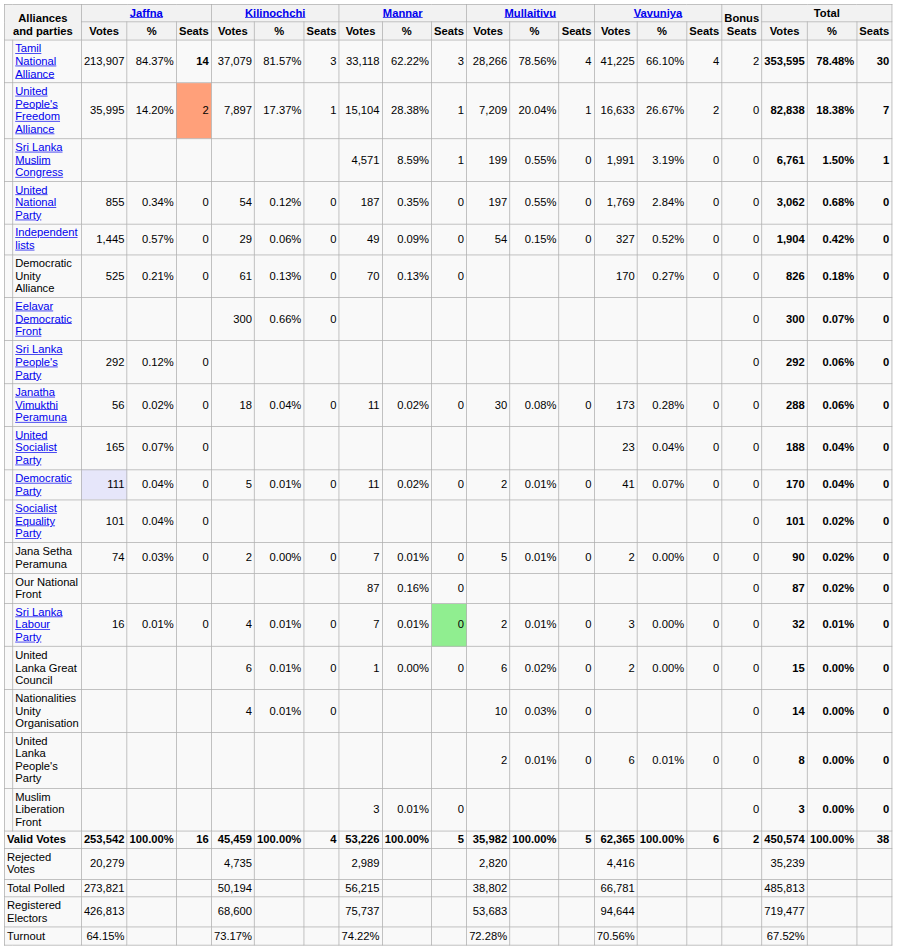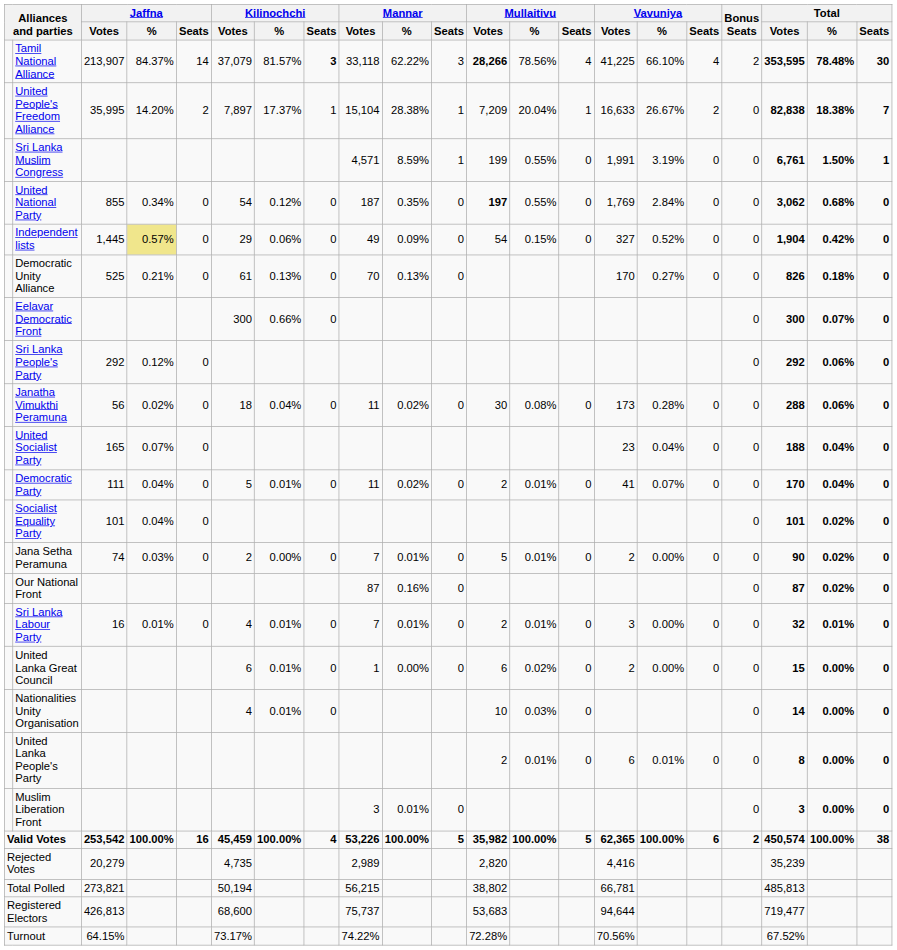 <table class="wikitable" style="text-align:right;">
 <tr>
 <th valign=bottom rowspan=2 colspan=2 width="200">Alliances and parties</th>
 <th colspan=3><a href='#'>Jaffna</a></th>
 <th colspan=3><a href='#'>Kilinochchi</a></th>
 <th colspan=3><a href='#'>Mannar</a></th>
 <th colspan=3><a href='#'>Mullaitivu</a></th>
 <th colspan=3><a href='#'>Vavuniya</a></th>
 <th valign=bottom rowspan=2 width="40">Bonus<br>Seats</th>
 <th colspan=3>Total</th>
 </tr>
 <tr>
 <th align=center valign=bottom width="50">Votes</th>
 <th align=center valign=bottom width="50">%</th>
 <th align=center valign=bottom width="40">Seats</th>
 <th align=center valign=bottom width="50">Votes</th>
 <th align=center valign=bottom width="50">%</th>
 <th align=center valign=bottom width="40">Seats</th>
 <th align=center valign=bottom width="50">Votes</th>
 <th align=center valign=bottom width="50">%</th>
 <th align=center valign=bottom width="40">Seats</th>
 <th align=center valign=bottom width="50">Votes</th>
 <th align=center valign=bottom width="50">%</th>
 <th align=center valign=bottom width="40">Seats</th>
 <th align=center valign=bottom width="50">Votes</th>
 <th align=center valign=bottom width="50">%</th>
 <th align=center valign=bottom width="40">Seats</th>
 <th align=center valign=bottom width="50">Votes</th>
 <th align=center valign=bottom width="50">%</th>
 <th align=center valign=bottom width="40">Seats</th>
 </tr>
 <tr>
 <td bgcolor=> </td>
 <td align=left><a href='#'>Tamil National Alliance</a></td>
 <td>213,907</td>
 <td>84.37%</td>
-<td><strong>14</strong></td>
+<td>14</td>
 <td>37,079</td>
 <td>81.57%</td>
-<td>3</td>
+<td><strong>3</strong></td>
 <td>33,118</td>
 <td>62.22%</td>
 <td>3</td>
-<td>28,266</td>
+<td><strong>28,266</strong></td>
 <td>78.56%</td>
 <td>4</td>
 <td>41,225</td>
 <td>66.10%</td>
 <td>4</td>
 <td>2</td>
 <td><strong>353,595</strong></td>
 <td><strong>78.48%</strong></td>
 <td><strong>30</strong></td>
 </tr>
 <tr>
 <td bgcolor=> </td>
 <td align=left><a href='#'>United People's Freedom Alliance</a></td>
 <td>35,995</td>
 <td>14.20%</td>
-<td style="background: lightsalmon;">2</td>
+<td>2</td>
 <td>7,897</td>
 <td>17.37%</td>
 <td>1</td>
 <td>15,104</td>
 <td>28.38%</td>
 <td>1</td>
 <td>7,209</td>
 <td>20.04%</td>
 <td>1</td>
 <td>16,633</td>
 <td>26.67%</td>
 <td>2</td>
 <td>0</td>
 <td><strong>82,838</strong></td>
 <td><strong>18.38%</strong></td>
 <td><strong>7</strong></td>
 </tr>
 <tr>
 <td bgcolor=> </td>
 <td align=left><a href='#'>Sri Lanka Muslim Congress</a></td>
 <td></td>
 <td></td>
 <td></td>
 <td></td>
 <td></td>
 <td></td>
 <td>4,571</td>
 <td>8.59%</td>
 <td>1</td>
 <td>199</td>
 <td>0.55%</td>
 <td>0</td>
 <td>1,991</td>
 <td>3.19%</td>
 <td>0</td>
 <td>0</td>
 <td><strong>6,761</strong></td>
 <td><strong>1.50%</strong></td>
 <td><strong>1</strong></td>
 </tr>
 <tr>
 <td bgcolor=> </td>
 <td align=left><a href='#'>United National Party</a></td>
 <td>855</td>
 <td>0.34%</td>
 <td>0</td>
 <td>54</td>
 <td>0.12%</td>
 <td>0</td>
 <td>187</td>
 <td>0.35%</td>
 <td>0</td>
-<td>197</td>
+<td><strong>197</strong></td>
 <td>0.55%</td>
 <td>0</td>
 <td>1,769</td>
 <td>2.84%</td>
 <td>0</td>
 <td>0</td>
 <td><strong>3,062</strong></td>
 <td><strong>0.68%</strong></td>
 <td><strong>0</strong></td>
 </tr>
 <tr>
 <td bgcolor=> </td>
 <td align=left><a href='#'>Independent lists</a></td>
 <td>1,445</td>
-<td>0.57%</td>
+<td style="background: khaki;">0.57%</td>
 <td>0</td>
 <td>29</td>
 <td>0.06%</td>
 <td>0</td>
 <td>49</td>
 <td>0.09%</td>
 <td>0</td>
 <td>54</td>
 <td>0.15%</td>
 <td>0</td>
 <td>327</td>
 <td>0.52%</td>
 <td>0</td>
 <td>0</td>
 <td><strong>1,904</strong></td>
 <td><strong>0.42%</strong></td>
 <td><strong>0</strong></td>
 </tr>
 <tr>
 <td bgcolor=> </td>
 <td align=left>Democratic Unity Alliance</td>
 <td>525</td>
 <td>0.21%</td>
 <td>0</td>
 <td>61</td>
 <td>0.13%</td>
 <td>0</td>
 <td>70</td>
 <td>0.13%</td>
 <td>0</td>
 <td></td>
 <td></td>
 <td></td>
 <td>170</td>
 <td>0.27%</td>
 <td>0</td>
 <td>0</td>
 <td><strong>826</strong></td>
 <td><strong>0.18%</strong></td>
 <td><strong>0</strong></td>
 </tr>
 <tr>
 <td bgcolor=> </td>
 <td align=left><a href='#'>Eelavar Democratic Front</a></td>
 <td></td>
 <td></td>
 <td></td>
 <td>300</td>
 <td>0.66%</td>
 <td>0</td>
 <td></td>
 <td></td>
 <td></td>
 <td></td>
 <td></td>
 <td></td>
 <td></td>
 <td></td>
 <td></td>
 <td>0</td>
 <td><strong>300</strong></td>
 <td><strong>0.07%</strong></td>
 <td><strong>0</strong></td>
 </tr>
 <tr>
 <td></td>
 <td align=left><a href='#'>Sri Lanka People's Party</a></td>
 <td>292</td>
 <td>0.12%</td>
 <td>0</td>
 <td></td>
 <td></td>
 <td></td>
 <td></td>
 <td></td>
 <td></td>
 <td></td>
 <td></td>
 <td></td>
 <td></td>
 <td></td>
 <td></td>
 <td>0</td>
 <td><strong>292</strong></td>
 <td><strong>0.06%</strong></td>
 <td><strong>0</strong></td>
 </tr>
 <tr>
 <td bgcolor=> </td>
 <td align=left><a href='#'>Janatha Vimukthi Peramuna</a></td>
 <td>56</td>
 <td>0.02%</td>
 <td>0</td>
 <td>18</td>
 <td>0.04%</td>
 <td>0</td>
 <td>11</td>
 <td>0.02%</td>
 <td>0</td>
 <td>30</td>
 <td>0.08%</td>
 <td>0</td>
 <td>173</td>
 <td>0.28%</td>
 <td>0</td>
 <td>0</td>
 <td><strong>288</strong></td>
 <td><strong>0.06%</strong></td>
 <td><strong>0</strong></td>
 </tr>
 <tr>
 <td></td>
 <td align=left><a href='#'>United Socialist Party</a></td>
 <td>165</td>
 <td>0.07%</td>
 <td>0</td>
 <td></td>
 <td></td>
 <td></td>
 <td></td>
 <td></td>
 <td></td>
 <td></td>
 <td></td>
 <td></td>
 <td>23</td>
 <td>0.04%</td>
 <td>0</td>
 <td>0</td>
 <td><strong>188</strong></td>
 <td><strong>0.04%</strong></td>
 <td><strong>0</strong></td>
 </tr>
 <tr>
 <td></td>
 <td align=left><a href='#'>Democratic Party</a></td>
-<td style="background: lavender;">111</td>
+<td>111</td>
 <td>0.04%</td>
 <td>0</td>
 <td>5</td>
 <td>0.01%</td>
 <td>0</td>
 <td>11</td>
 <td>0.02%</td>
 <td>0</td>
 <td>2</td>
 <td>0.01%</td>
 <td>0</td>
 <td>41</td>
 <td>0.07%</td>
 <td>0</td>
 <td>0</td>
 <td><strong>170</strong></td>
 <td><strong>0.04%</strong></td>
 <td><strong>0</strong></td>
 </tr>
 <tr>
 <td></td>
 <td align=left><a href='#'>Socialist Equality Party</a></td>
 <td>101</td>
 <td>0.04%</td>
 <td>0</td>
 <td></td>
 <td></td>
 <td></td>
 <td></td>
 <td></td>
 <td></td>
 <td></td>
 <td></td>
 <td></td>
 <td></td>
 <td></td>
 <td></td>
 <td>0</td>
 <td><strong>101</strong></td>
 <td><strong>0.02%</strong></td>
 <td><strong>0</strong></td>
 </tr>
 <tr>
 <td></td>
 <td align=left>Jana Setha Peramuna</td>
 <td>74</td>
 <td>0.03%</td>
 <td>0</td>
 <td>2</td>
 <td>0.00%</td>
 <td>0</td>
 <td>7</td>
 <td>0.01%</td>
 <td>0</td>
 <td>5</td>
 <td>0.01%</td>
 <td>0</td>
 <td>2</td>
 <td>0.00%</td>
 <td>0</td>
 <td>0</td>
 <td><strong>90</strong></td>
 <td><strong>0.02%</strong></td>
 <td><strong>0</strong></td>
 </tr>
 <tr>
 <td></td>
 <td align=left>Our National Front</td>
 <td></td>
 <td></td>
 <td></td>
 <td></td>
 <td></td>
 <td></td>
 <td>87</td>
 <td>0.16%</td>
 <td>0</td>
 <td></td>
 <td></td>
 <td></td>
 <td></td>
 <td></td>
 <td></td>
 <td>0</td>
 <td><strong>87</strong></td>
 <td><strong>0.02%</strong></td>
 <td><strong>0</strong></td>
 </tr>
 <tr>
 <td></td>
 <td align=left><a href='#'>Sri Lanka Labour Party</a></td>
 <td>16</td>
 <td>0.01%</td>
 <td>0</td>
 <td>4</td>
 <td>0.01%</td>
 <td>0</td>
 <td>7</td>
 <td>0.01%</td>
-<td style="background: lightgreen;">0</td>
+<td>0</td>
 <td>2</td>
 <td>0.01%</td>
 <td>0</td>
 <td>3</td>
 <td>0.00%</td>
 <td>0</td>
 <td>0</td>
 <td><strong>32</strong></td>
 <td><strong>0.01%</strong></td>
 <td><strong>0</strong></td>
 </tr>
 <tr>
 <td></td>
 <td align=left>United Lanka Great Council</td>
 <td></td>
 <td></td>
 <td></td>
 <td>6</td>
 <td>0.01%</td>
 <td>0</td>
 <td>1</td>
 <td>0.00%</td>
 <td>0</td>
 <td>6</td>
 <td>0.02%</td>
 <td>0</td>
 <td>2</td>
 <td>0.00%</td>
 <td>0</td>
 <td>0</td>
 <td><strong>15</strong></td>
 <td><strong>0.00%</strong></td>
 <td><strong>0</strong></td>
 </tr>
 <tr>
 <td></td>
 <td align=left>Nationalities Unity Organisation</td>
 <td></td>
 <td></td>
 <td></td>
 <td>4</td>
 <td>0.01%</td>
 <td>0</td>
 <td></td>
 <td></td>
 <td></td>
 <td>10</td>
 <td>0.03%</td>
 <td>0</td>
 <td></td>
 <td></td>
 <td></td>
 <td>0</td>
 <td><strong>14</strong></td>
 <td><strong>0.00%</strong></td>
 <td><strong>0</strong></td>
 </tr>
 <tr>
 <td></td>
 <td align=left>United Lanka People's Party</td>
 <td></td>
 <td></td>
 <td></td>
 <td></td>
 <td></td>
 <td></td>
 <td></td>
 <td></td>
 <td></td>
 <td>2</td>
 <td>0.01%</td>
 <td>0</td>
 <td>6</td>
 <td>0.01%</td>
 <td>0</td>
 <td>0</td>
 <td><strong>8</strong></td>
 <td><strong>0.00%</strong></td>
 <td><strong>0</strong></td>
 </tr>
 <tr>
 <td></td>
 <td align=left>Muslim Liberation Front</td>
 <td></td>
 <td></td>
 <td></td>
 <td></td>
 <td></td>
 <td></td>
 <td>3</td>
 <td>0.01%</td>
 <td>0</td>
 <td></td>
 <td></td>
 <td></td>
 <td></td>
 <td></td>
 <td></td>
 <td>0</td>
 <td><strong>3</strong></td>
 <td><strong>0.00%</strong></td>
 <td><strong>0</strong></td>
 </tr>
 <tr style="font-weight:bold">
 <td colspan=2 align=left>Valid Votes</td>
 <td>253,542</td>
 <td>100.00%</td>
 <td>16</td>
 <td>45,459</td>
 <td>100.00%</td>
 <td>4</td>
 <td>53,226</td>
 <td>100.00%</td>
 <td>5</td>
 <td>35,982</td>
 <td>100.00%</td>
 <td>5</td>
 <td>62,365</td>
 <td>100.00%</td>
 <td>6</td>
 <td>2</td>
 <td>450,574</td>
 <td>100.00%</td>
 <td>38</td>
 </tr>
 <tr>
 <td colspan=2 align=left>Rejected Votes</td>
 <td>20,279</td>
 <td></td>
 <td></td>
 <td>4,735</td>
 <td></td>
 <td></td>
 <td>2,989</td>
 <td></td>
 <td></td>
 <td>2,820</td>
 <td></td>
 <td></td>
 <td>4,416</td>
 <td></td>
 <td></td>
 <td></td>
 <td>35,239</td>
 <td></td>
 <td></td>
 </tr>
 <tr>
 <td colspan=2 align=left>Total Polled</td>
 <td>273,821</td>
 <td></td>
 <td></td>
 <td>50,194</td>
 <td></td>
 <td></td>
 <td>56,215</td>
 <td></td>
 <td></td>
 <td>38,802</td>
 <td></td>
 <td></td>
 <td>66,781</td>
 <td></td>
 <td></td>
 <td></td>
 <td>485,813</td>
 <td></td>
 <td></td>
 </tr>
 <tr>
 <td colspan=2 align=left>Registered Electors</td>
 <td>426,813</td>
 <td></td>
 <td></td>
 <td>68,600</td>
 <td></td>
 <td></td>
 <td>75,737</td>
 <td></td>
 <td></td>
 <td>53,683</td>
 <td></td>
 <td></td>
 <td>94,644</td>
 <td></td>
 <td></td>
 <td></td>
 <td>719,477</td>
 <td></td>
 <td></td>
 </tr>
 <tr>
 <td colspan=2 align=left>Turnout</td>
 <td>64.15%</td>
 <td></td>
 <td></td>
 <td>73.17%</td>
 <td></td>
 <td></td>
 <td>74.22%</td>
 <td></td>
 <td></td>
 <td>72.28%</td>
 <td></td>
 <td></td>
 <td>70.56%</td>
 <td></td>
 <td></td>
 <td></td>
 <td>67.52%</td>
 <td></td>
 <td></td>
 </tr>
 </table>
